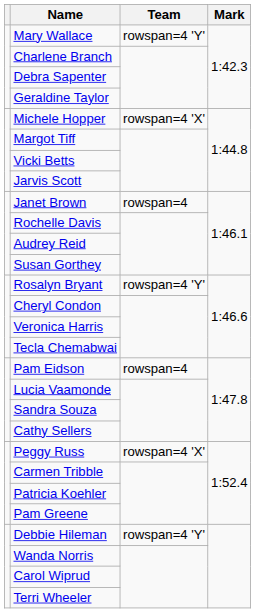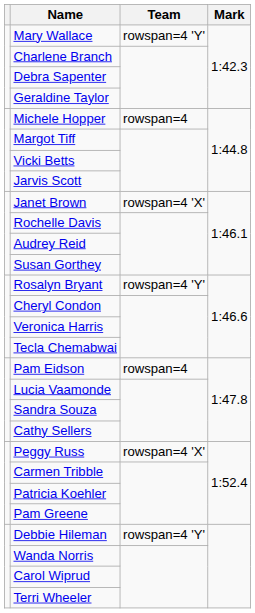 <table class=wikitable>
 <tr>
 <th></th>
 <th>Name</th>
 <th>Team</th>
 <th>Mark</th>
 </tr>
 <tr>
 <td rowspan=4></td>
 <td><a href='#'>Mary Wallace</a></td>
 <td>rowspan=4  'Y'</td>
 <td rowspan=4>1:42.3</td>
 </tr>
 <tr>
 <td><a href='#'>Charlene Branch</a></td>
 </tr>
 <tr>
 <td><a href='#'>Debra Sapenter</a></td>
 </tr>
 <tr>
 <td><a href='#'>Geraldine Taylor</a></td>
 </tr>
 <tr>
 <td rowspan=4></td>
 <td><a href='#'>Michele Hopper</a></td>
-<td>rowspan=4  'X'</td>
+<td>rowspan=4 </td>
 <td rowspan=4>1:44.8</td>
 </tr>
 <tr>
 <td><a href='#'>Margot Tiff</a></td>
 </tr>
 <tr>
 <td><a href='#'>Vicki Betts</a></td>
 </tr>
 <tr>
 <td><a href='#'>Jarvis Scott</a></td>
 </tr>
 <tr>
 <td rowspan=4></td>
 <td><a href='#'>Janet Brown</a></td>
-<td>rowspan=4 </td>
+<td>rowspan=4  'X'</td>
 <td rowspan=4>1:46.1</td>
 </tr>
 <tr>
 <td><a href='#'>Rochelle Davis</a></td>
 </tr>
 <tr>
 <td><a href='#'>Audrey Reid</a></td>
 </tr>
 <tr>
 <td><a href='#'>Susan Gorthey</a></td>
 </tr>
 <tr>
 <td rowspan=4></td>
 <td><a href='#'>Rosalyn Bryant</a></td>
 <td>rowspan=4  'Y'</td>
 <td rowspan=4>1:46.6</td>
 </tr>
 <tr>
 <td><a href='#'>Cheryl Condon</a></td>
 </tr>
 <tr>
 <td><a href='#'>Veronica Harris</a></td>
 </tr>
 <tr>
 <td><a href='#'>Tecla Chemabwai</a></td>
 </tr>
 <tr>
 <td rowspan=4></td>
 <td><a href='#'>Pam Eidson</a></td>
 <td>rowspan=4 </td>
 <td rowspan=4>1:47.8</td>
 </tr>
 <tr>
 <td><a href='#'>Lucia Vaamonde</a></td>
 </tr>
 <tr>
 <td><a href='#'>Sandra Souza</a></td>
 </tr>
 <tr>
 <td><a href='#'>Cathy Sellers</a></td>
 </tr>
 <tr>
 <td rowspan=4></td>
 <td><a href='#'>Peggy Russ</a></td>
 <td>rowspan=4  'X'</td>
 <td rowspan=4>1:52.4</td>
 </tr>
 <tr>
 <td><a href='#'>Carmen Tribble</a></td>
 </tr>
 <tr>
 <td><a href='#'>Patricia Koehler</a></td>
 </tr>
 <tr>
 <td><a href='#'>Pam Greene</a></td>
 </tr>
 <tr>
 <td rowspan=4></td>
 <td><a href='#'>Debbie Hileman</a></td>
 <td>rowspan=4  'Y'</td>
 <td rowspan=4></td>
 </tr>
 <tr>
 <td><a href='#'>Wanda Norris</a></td>
 </tr>
 <tr>
 <td><a href='#'>Carol Wiprud</a></td>
 </tr>
 <tr>
 <td><a href='#'>Terri Wheeler</a></td>
 </tr>
 </table>
